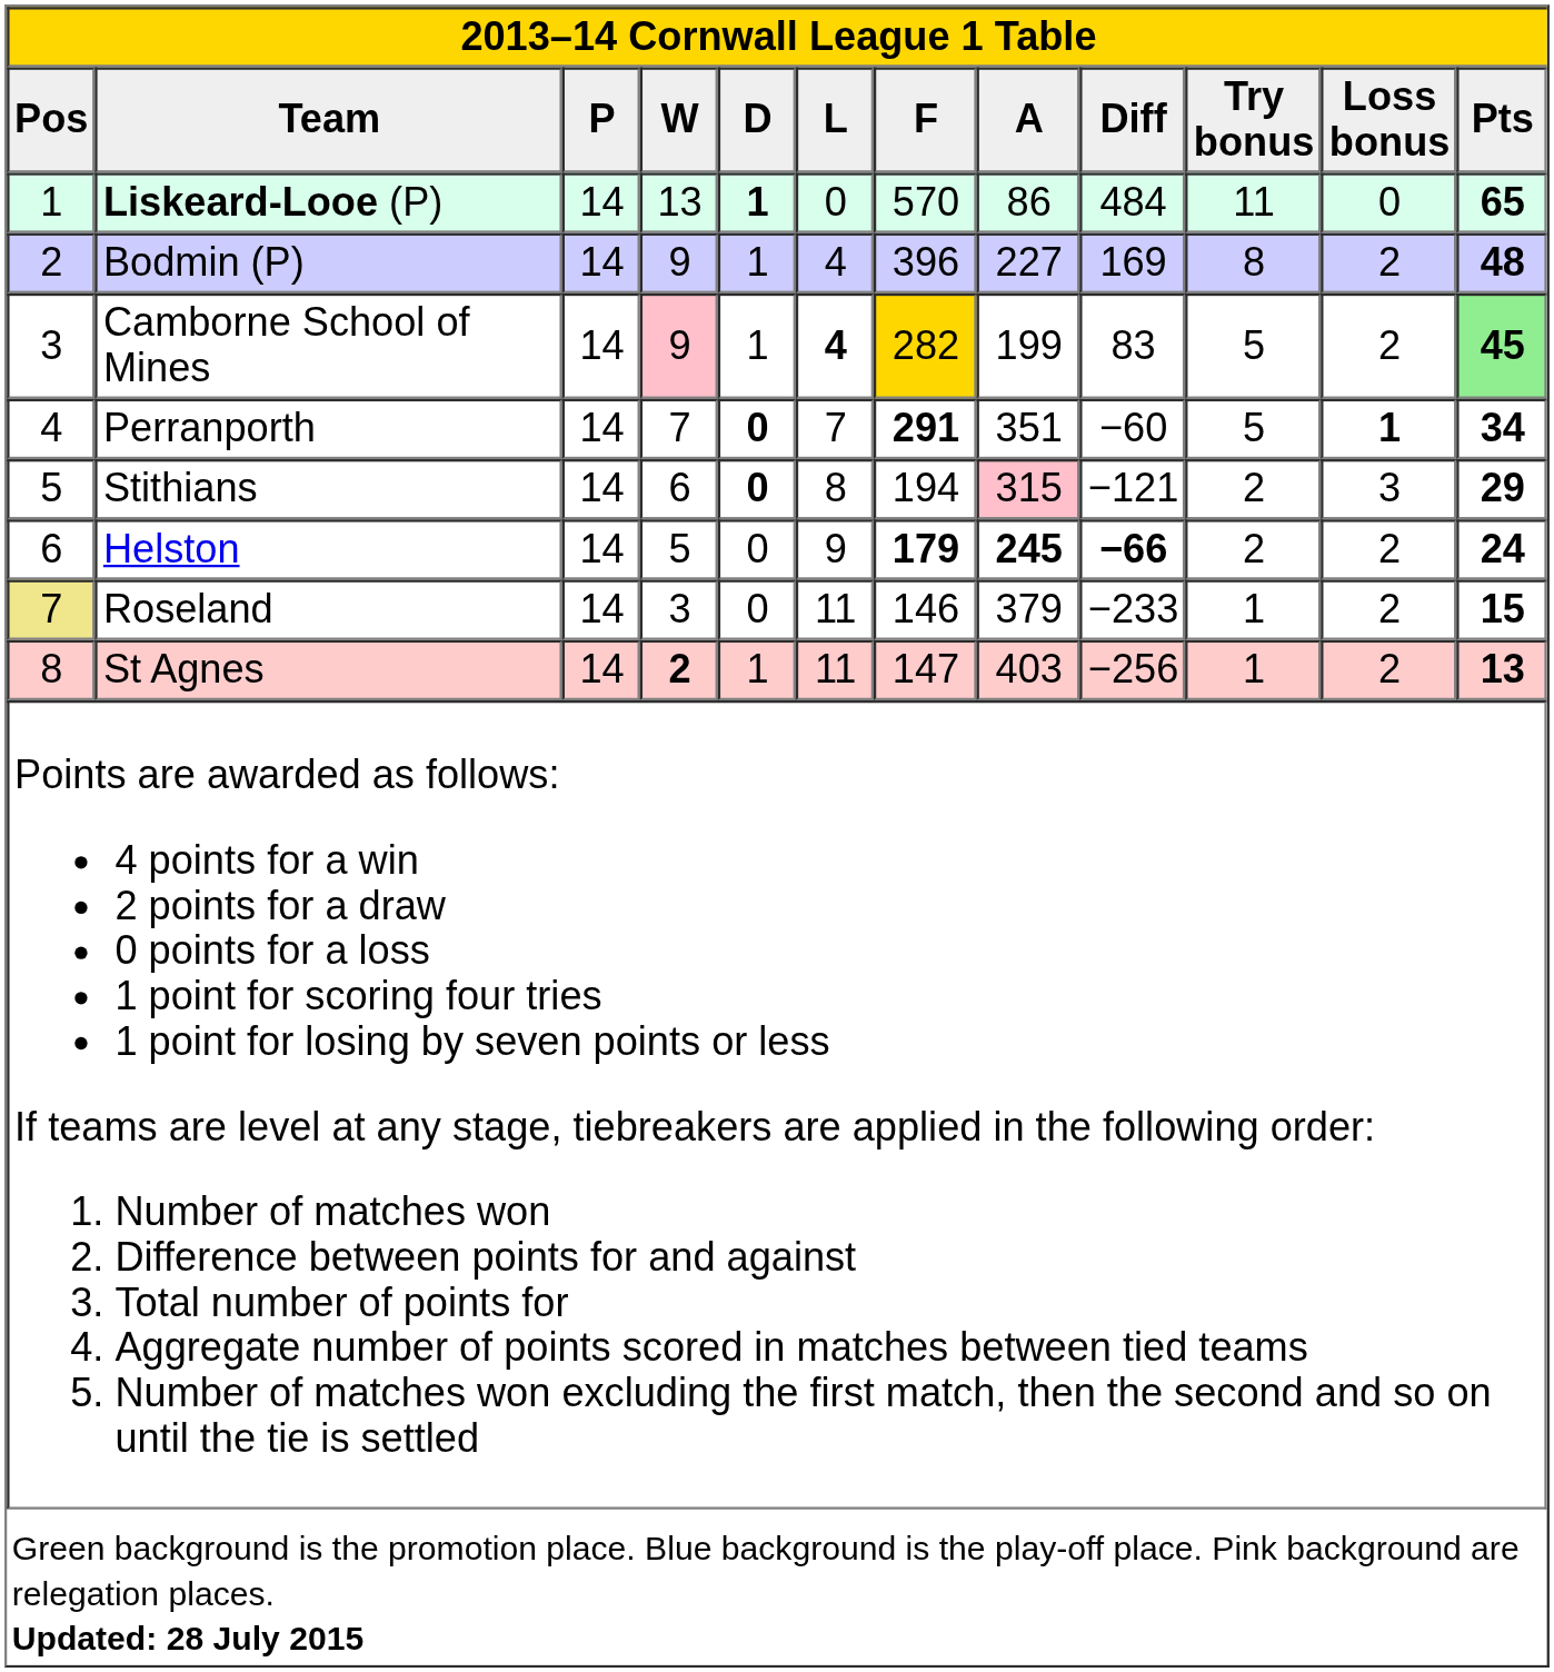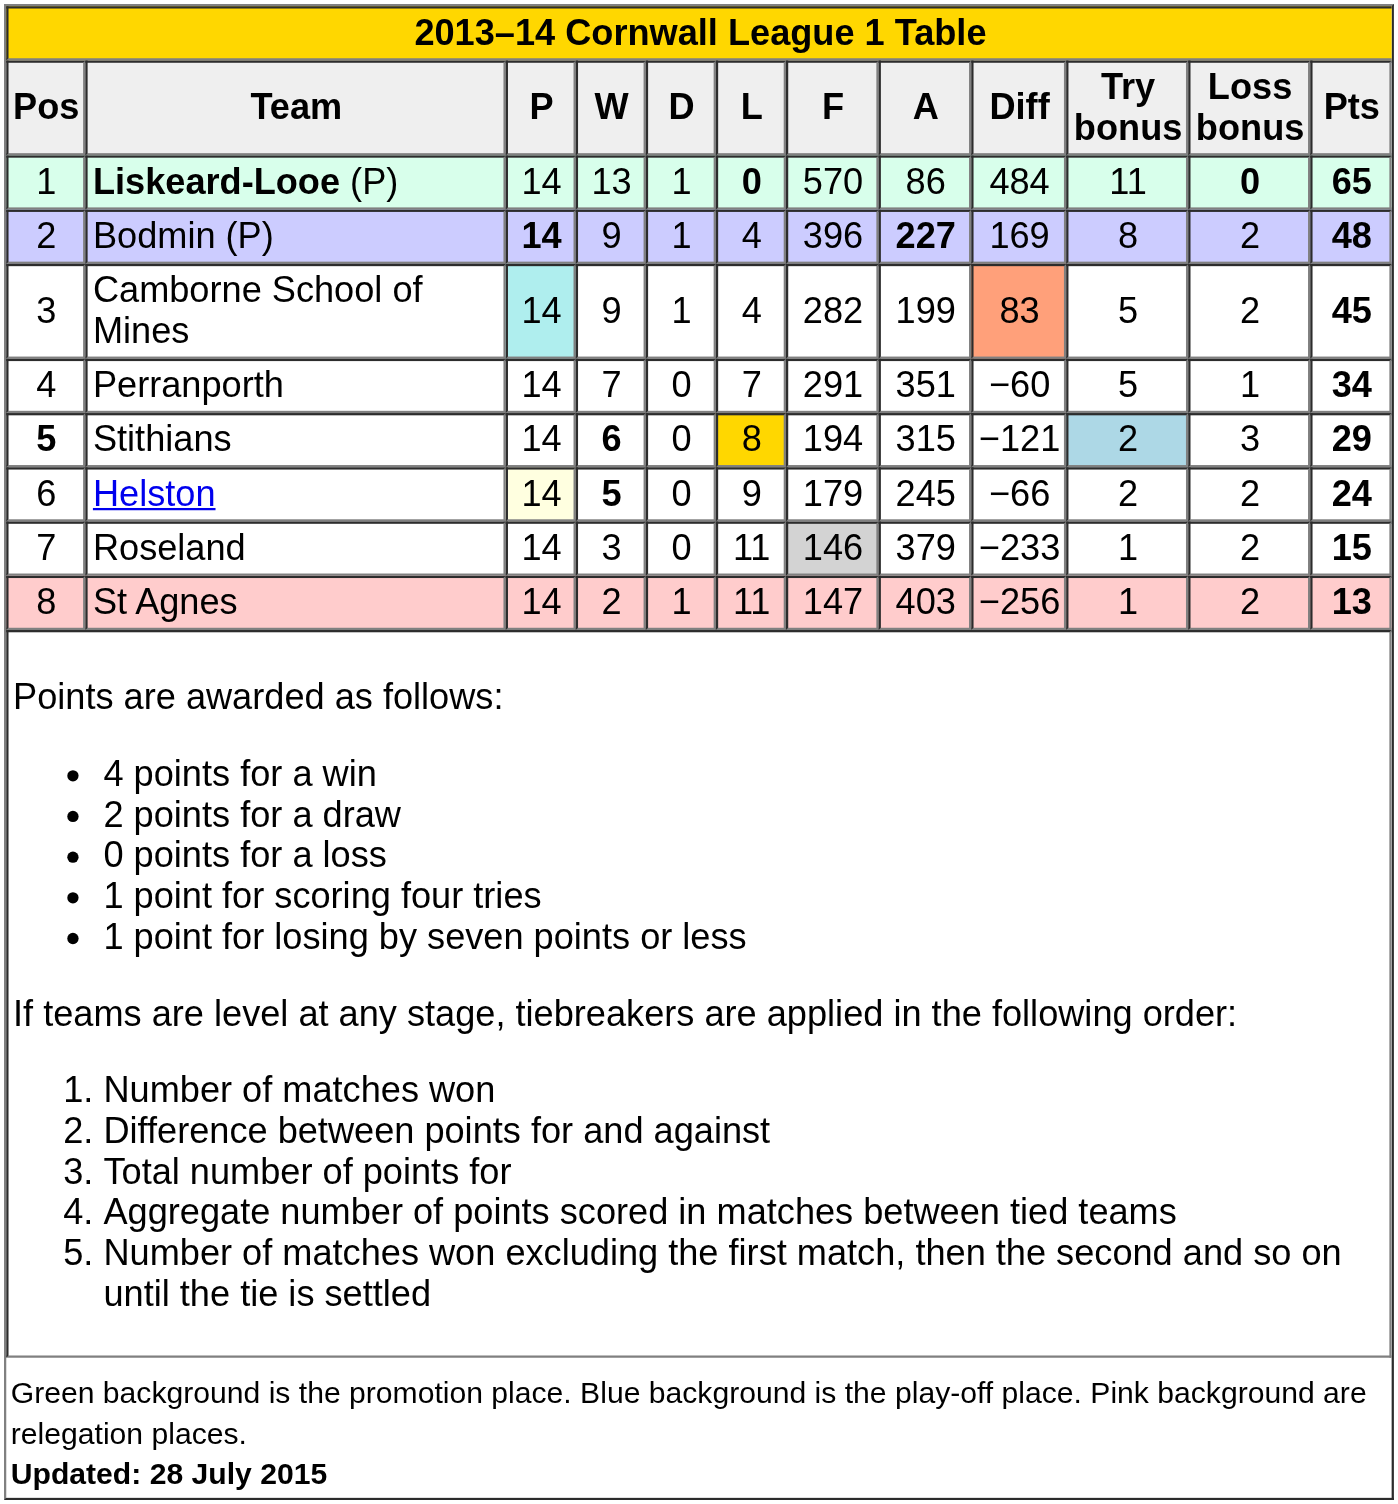 <table border="1" cellpadding="2" cellspacing="0">
 <tr bgcolor="gold">
 <th colspan=13 style="border-right:0px;";>2013–14 Cornwall League 1 Table</th>
 </tr>
 <tr bgcolor="#efefef">
 <th width="20">Pos</th>
 <th width="180">Team</th>
 <th width="25">P</th>
 <th width="25">W</th>
 <th width="25">D</th>
 <th width="25">L</th>
 <th width="35">F</th>
 <th width="35">A</th>
 <th width="35">Diff</th>
 <th width="35">Try bonus</th>
 <th width="35">Loss bonus</th>
 <th width="30">Pts</th>
 </tr>
 <tr bgcolor=#d8ffeb align=center>
 <td>1</td>
 <td align=left><strong>Liskeard-Looe</strong> (P)</td>
 <td>14</td>
 <td>13</td>
-<td><strong>1</strong></td>
-<td>0</td>
+<td>1</td>
+<td><strong>0</strong></td>
 <td>570</td>
 <td>86</td>
 <td>484</td>
 <td>11</td>
-<td>0</td>
+<td><strong>0</strong></td>
 <td><strong>65</strong></td>
 </tr>
 <tr bgcolor=#ccccff align=center>
 <td>2</td>
 <td align=left>Bodmin (P)</td>
-<td>14</td>
+<td><strong>14</strong></td>
 <td>9</td>
 <td>1</td>
 <td>4</td>
 <td>396</td>
-<td>227</td>
+<td><strong>227</strong></td>
 <td>169</td>
 <td>8</td>
 <td>2</td>
 <td><strong>48</strong></td>
 </tr>
 <tr align=center>
 <td>3</td>
 <td align=left>Camborne School of Mines</td>
-<td>14</td>
-<td style="background: pink;">9</td>
+<td style="background: paleturquoise;">14</td>
+<td>9</td>
 <td>1</td>
-<td><strong>4</strong></td>
-<td style="background: gold;">282</td>
+<td>4</td>
+<td>282</td>
 <td>199</td>
-<td>83</td>
+<td style="background: lightsalmon;">83</td>
 <td>5</td>
 <td>2</td>
-<td style="background: lightgreen;"><strong>45</strong></td>
+<td><strong>45</strong></td>
 </tr>
 <tr align=center>
 <td>4</td>
 <td align=left>Perranporth</td>
 <td>14</td>
 <td>7</td>
-<td><strong>0</strong></td>
+<td>0</td>
 <td>7</td>
-<td><strong>291</strong></td>
+<td>291</td>
 <td>351</td>
 <td>−60</td>
 <td>5</td>
-<td><strong>1</strong></td>
+<td>1</td>
 <td><strong>34</strong></td>
 </tr>
 <tr align=center>
-<td>5</td>
+<td><strong>5</strong></td>
 <td align=left>Stithians</td>
 <td>14</td>
-<td>6</td>
-<td><strong>0</strong></td>
-<td>8</td>
+<td><strong>6</strong></td>
+<td>0</td>
+<td style="background: gold;">8</td>
 <td>194</td>
-<td style="background: pink;">315</td>
+<td>315</td>
 <td>−121</td>
-<td>2</td>
+<td style="background: lightblue;">2</td>
 <td>3</td>
 <td><strong>29</strong></td>
 </tr>
 <tr align=center>
 <td>6</td>
 <td align=left><a href='#'>Helston</a></td>
-<td>14</td>
-<td>5</td>
+<td style="background: lightyellow;">14</td>
+<td><strong>5</strong></td>
 <td>0</td>
 <td>9</td>
-<td><strong>179</strong></td>
-<td><strong>245</strong></td>
-<td><strong>−66</strong></td>
+<td>179</td>
+<td>245</td>
+<td>−66</td>
 <td>2</td>
 <td>2</td>
 <td><strong>24</strong></td>
 </tr>
 <tr align=center>
-<td style="background: khaki;">7</td>
+<td>7</td>
 <td align=left>Roseland</td>
 <td>14</td>
 <td>3</td>
 <td>0</td>
 <td>11</td>
-<td>146</td>
+<td style="background: lightgrey;">146</td>
 <td>379</td>
 <td>−233</td>
 <td>1</td>
 <td>2</td>
 <td><strong>15</strong></td>
 </tr>
 <tr bgcolor=#ffcccc align=center>
 <td>8</td>
 <td align=left>St Agnes</td>
 <td>14</td>
-<td><strong>2</strong></td>
+<td>2</td>
 <td>1</td>
 <td>11</td>
 <td>147</td>
 <td>403</td>
 <td>−256</td>
 <td>1</td>
 <td>2</td>
 <td><strong>13</strong></td>
 </tr>
 <tr bgcolor=#ffffff>
 <td colspan="13"><br>Points are awarded as follows:<ul><li>4 points for a win</li><li>2 points for a draw</li><li>0 points for a loss</li><li>1 point for scoring four tries</li><li>1 point for losing by seven points or less</li></ul>If teams are level at any stage, tiebreakers are applied in the following order:<ol><li>Number of matches won</li><li>Difference between points for and against</li><li>Total number of points for</li><li>Aggregate number of points scored in matches between tied teams</li><li>Number of matches won excluding the first match, then the second and so on until the tie is settled</li></ol></td>
 </tr>
 <tr |align=centre|>
 <td colspan="12" style="border:0px"></td>
 </tr>
 <tr align=centre>
 <td colspan="15" style="border:0px"><small><span>Green background</span> is the promotion place. <span>Blue background</span> is the play-off place. <span>Pink background</span> are relegation places.<br><strong>Updated: 28 July 2015</strong><br></small></td>
 </tr>
 </table>
